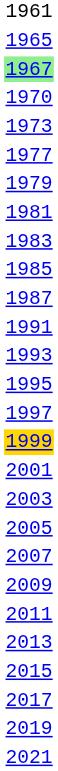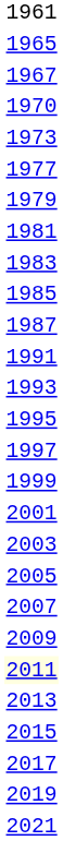 <table>
 <tr>
 <td>1961</td>
 <td></td>
 <td></td>
 <td></td>
 </tr>
 <tr>
 <td><a href='#'>1965</a></td>
 <td></td>
 <td></td>
 <td></td>
 </tr>
 <tr>
-<td style="background: lightgreen;"><a href='#'>1967</a></td>
+<td><a href='#'>1967</a></td>
 <td></td>
 <td></td>
 <td></td>
 </tr>
 <tr>
 <td><a href='#'>1970</a></td>
 <td></td>
 <td></td>
 <td></td>
 </tr>
 <tr>
 <td><a href='#'>1973</a></td>
 <td></td>
 <td></td>
 <td></td>
 </tr>
 <tr>
 <td><a href='#'>1977</a></td>
 <td></td>
 <td></td>
 <td></td>
 </tr>
 <tr>
 <td><a href='#'>1979</a></td>
 <td></td>
 <td></td>
 <td></td>
 </tr>
 <tr>
 <td><a href='#'>1981</a></td>
 <td></td>
 <td></td>
 <td></td>
 </tr>
 <tr>
 <td><a href='#'>1983</a></td>
 <td></td>
 <td></td>
 <td></td>
 </tr>
 <tr>
 <td><a href='#'>1985</a></td>
 <td></td>
 <td></td>
 <td></td>
 </tr>
 <tr>
 <td><a href='#'>1987</a></td>
 <td></td>
 <td></td>
 <td></td>
 </tr>
 <tr>
 <td><a href='#'>1991</a></td>
 <td></td>
 <td></td>
 <td></td>
 </tr>
 <tr>
 <td><a href='#'>1993</a></td>
 <td></td>
 <td></td>
 <td></td>
 </tr>
 <tr>
 <td><a href='#'>1995</a></td>
 <td></td>
 <td></td>
 <td></td>
 </tr>
 <tr>
 <td><a href='#'>1997</a></td>
 <td></td>
 <td></td>
 <td></td>
 </tr>
 <tr>
-<td style="background: gold;"><a href='#'>1999</a></td>
+<td><a href='#'>1999</a></td>
 <td></td>
 <td></td>
 <td></td>
 </tr>
 <tr>
 <td><a href='#'>2001</a></td>
 <td></td>
 <td></td>
 <td></td>
 </tr>
 <tr>
 <td><a href='#'>2003</a></td>
 <td></td>
 <td></td>
 <td></td>
 </tr>
 <tr>
 <td><a href='#'>2005</a></td>
 <td></td>
 <td></td>
 <td></td>
 </tr>
 <tr>
 <td><a href='#'>2007</a></td>
 <td></td>
 <td></td>
 <td></td>
 </tr>
 <tr>
 <td><a href='#'>2009</a></td>
 <td></td>
 <td></td>
 <td></td>
 </tr>
 <tr>
-<td><a href='#'>2011</a></td>
+<td style="background: lightyellow;"><a href='#'>2011</a></td>
 <td></td>
 <td></td>
 <td></td>
 </tr>
 <tr>
 <td><a href='#'>2013</a></td>
 <td></td>
 <td></td>
 <td></td>
 </tr>
 <tr>
 <td><a href='#'>2015</a></td>
 <td></td>
 <td></td>
 <td></td>
 </tr>
 <tr>
 <td><a href='#'>2017</a></td>
 <td></td>
 <td></td>
 <td></td>
 </tr>
 <tr>
 <td><a href='#'>2019</a></td>
 <td></td>
 <td></td>
 <td></td>
 </tr>
 <tr>
 <td><a href='#'>2021</a></td>
 <td></td>
 <td></td>
 <td></td>
 </tr>
 </table>
